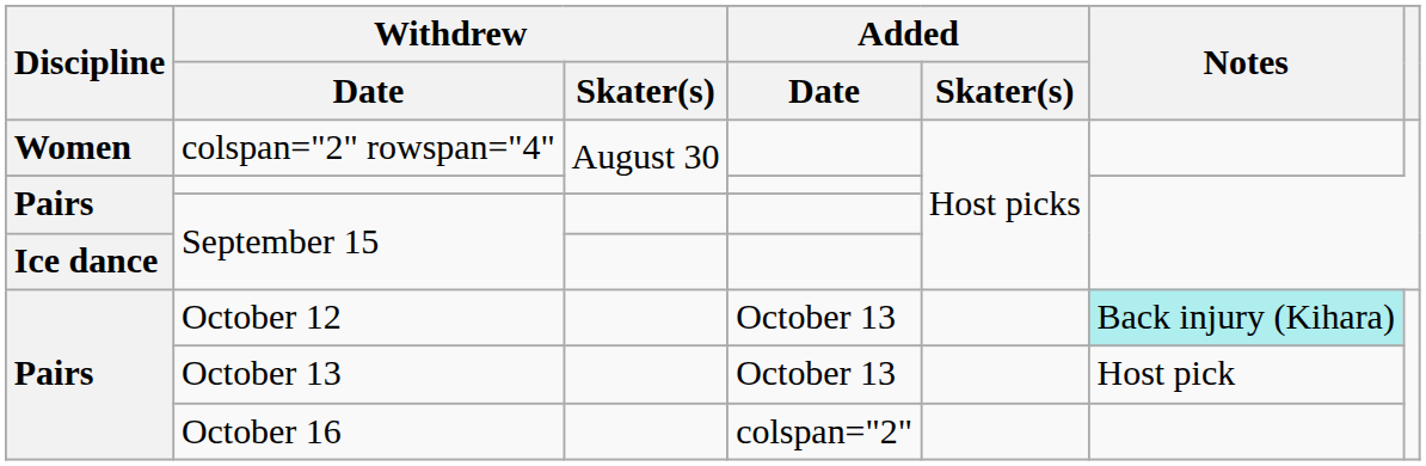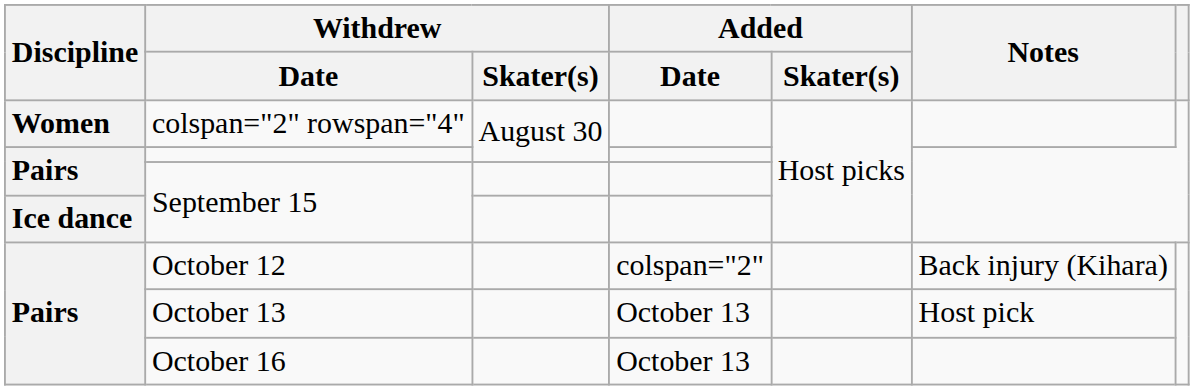 <table class="wikitable unsortable">
 <tr>
 <th scope="col" rowspan=2>Discipline</th>
 <th scope="col" colspan=2>Withdrew</th>
 <th scope="col" colspan=2>Added</th>
 <th scope="col" rowspan=2>Notes</th>
 <th scope="col" rowspan=2></th>
 </tr>
 <tr>
 <th>Date</th>
 <th>Skater(s)</th>
 <th>Date</th>
 <th>Skater(s)</th>
 </tr>
 <tr>
 <th scope="row" style="text-align:left">Women</th>
 <td>colspan="2" rowspan="4" </td>
 <td rowspan=2>August 30</td>
 <td></td>
 <td rowspan=4>Host picks</td>
 <td></td>
 </tr>
 <tr>
 <th rowspan="2" scope="row" style="text-align:left">Pairs</th>
 <td></td>
 <td></td>
 </tr>
 <tr>
 <td rowspan=2>September 15</td>
 <td></td>
 <td></td>
 </tr>
 <tr>
 <th scope="row" style="text-align:left">Ice dance</th>
 <td></td>
 <td></td>
 </tr>
 <tr>
 <th scope="row" style="text-align:left" rowspan=3>Pairs</th>
 <td>October 12</td>
 <td></td>
-<td>October 13</td>
+<td>colspan="2" </td>
 <td></td>
-<td style="background: paleturquoise;">Back injury (Kihara)</td>
+<td>Back injury (Kihara)</td>
 <td rowspan=3></td>
 </tr>
 <tr>
 <td>October 13</td>
 <td></td>
 <td>October 13</td>
 <td></td>
 <td>Host pick</td>
 </tr>
 <tr>
 <td>October 16</td>
 <td></td>
-<td>colspan="2" </td>
+<td>October 13</td>
 <td></td>
 </tr>
 </table>
